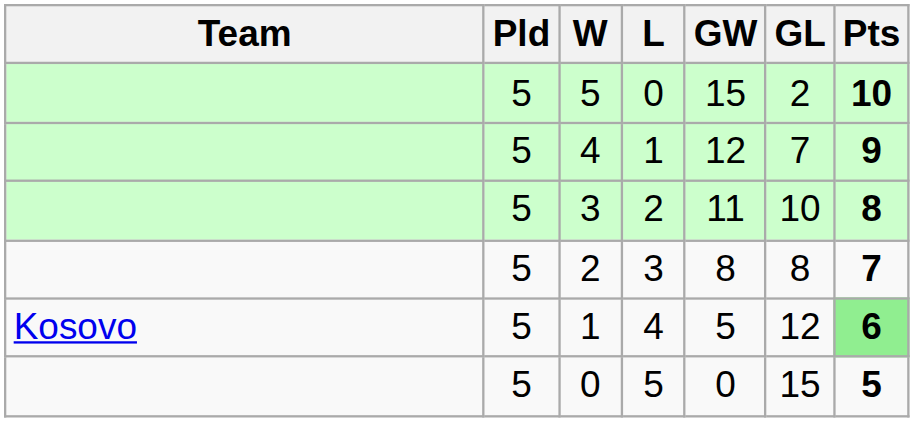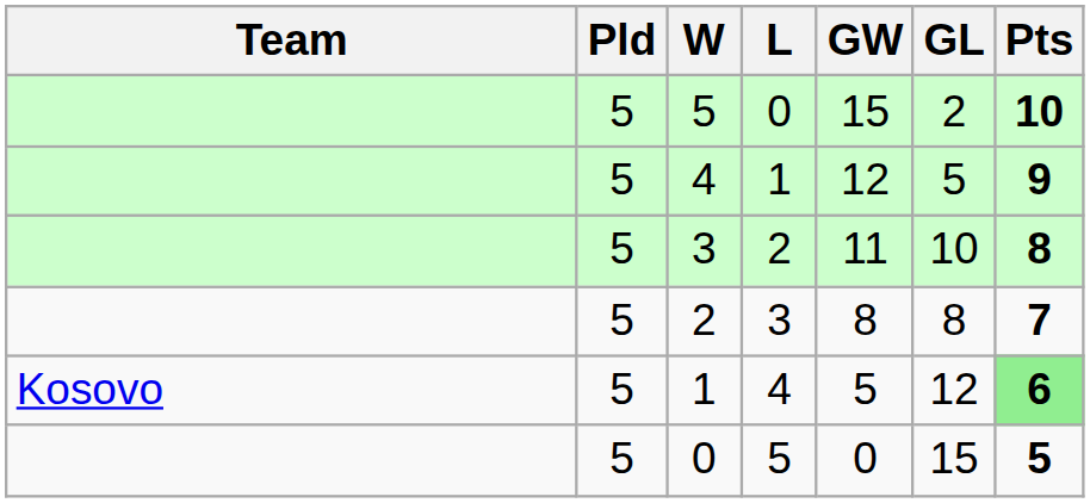 <table class="wikitable" style="text-align:center">
 <tr>
 <th width=200>Team</th>
 <th width=20>Pld</th>
 <th width=20>W</th>
 <th width=20>L</th>
 <th width=20>GW</th>
 <th width=20>GL</th>
 <th width=20>Pts</th>
 </tr>
 <tr bgcolor=ccffcc>
 <td style="text-align:left;"></td>
 <td>5</td>
 <td>5</td>
 <td>0</td>
 <td>15</td>
 <td>2</td>
 <td><strong>10</strong></td>
 </tr>
 <tr bgcolor=ccffcc>
 <td style="text-align:left;"></td>
 <td>5</td>
 <td>4</td>
 <td>1</td>
 <td>12</td>
-<td>7</td>
+<td>5</td>
 <td><strong>9</strong></td>
 </tr>
 <tr bgcolor=ccffcc>
 <td style="text-align:left;"></td>
 <td>5</td>
 <td>3</td>
 <td>2</td>
 <td>11</td>
 <td>10</td>
 <td><strong>8</strong></td>
 </tr>
 <tr>
 <td style="text-align:left;"></td>
 <td>5</td>
 <td>2</td>
 <td>3</td>
 <td>8</td>
 <td>8</td>
 <td><strong>7</strong></td>
 </tr>
 <tr>
 <td style="text-align:left;"> <a href='#'>Kosovo</a></td>
 <td>5</td>
 <td>1</td>
 <td>4</td>
 <td>5</td>
 <td>12</td>
 <td style="background: lightgreen;"><strong>6</strong></td>
 </tr>
 <tr>
 <td style="text-align:left;"></td>
 <td>5</td>
 <td>0</td>
 <td>5</td>
 <td>0</td>
 <td>15</td>
 <td><strong>5</strong></td>
 </tr>
 </table>
